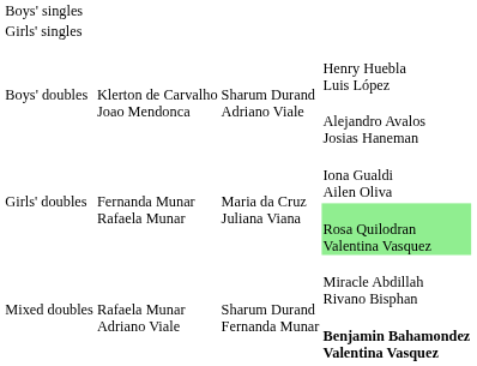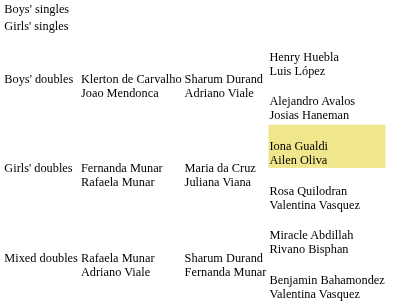 <table>
 <tr>
 <td rowspan=2>Boys' singles</td>
 <td rowspan=2></td>
 <td rowspan=2></td>
 <td></td>
 </tr>
 <tr>
 <td></td>
 </tr>
 <tr>
 <td rowspan=2>Girls' singles</td>
 <td rowspan=2></td>
 <td rowspan=2></td>
 <td></td>
 </tr>
 <tr>
 <td></td>
 </tr>
 <tr>
 <td rowspan=2>Boys' doubles</td>
 <td rowspan=2 nowrap><br>Klerton de Carvalho<br>Joao Mendonca</td>
 <td rowspan=2><br>Sharum Durand<br>Adriano Viale</td>
 <td><br>Henry Huebla<br>Luis López</td>
 </tr>
 <tr>
 <td><br>Alejandro Avalos<br>Josias Haneman</td>
 </tr>
 <tr>
 <td rowspan=2>Girls' doubles</td>
 <td rowspan=2><br>Fernanda Munar<br>Rafaela Munar</td>
 <td rowspan=2><br>Maria da Cruz<br>Juliana Viana</td>
-<td><br>Iona Gualdi<br>Ailen Oliva</td>
+<td style="background: khaki;"><br>Iona Gualdi<br>Ailen Oliva</td>
 </tr>
 <tr>
-<td style="background: lightgreen;"><br>Rosa Quilodran<br>Valentina Vasquez</td>
+<td><br>Rosa Quilodran<br>Valentina Vasquez</td>
 </tr>
 <tr>
 <td rowspan=2 nowrap>Mixed doubles</td>
 <td rowspan=2><br>Rafaela Munar<br>Adriano Viale</td>
 <td rowspan=2 nowrap><br>Sharum Durand<br>Fernanda Munar</td>
 <td><br>Miracle Abdillah<br>Rivano Bisphan</td>
 </tr>
 <tr>
-<td nowrap><strong><br>Benjamin Bahamondez<br>Valentina Vasquez</strong></td>
+<td nowrap><br>Benjamin Bahamondez<br>Valentina Vasquez</td>
 </tr>
 </table>
